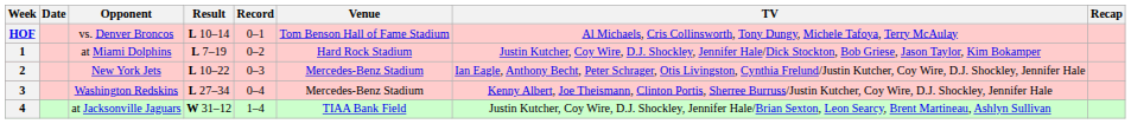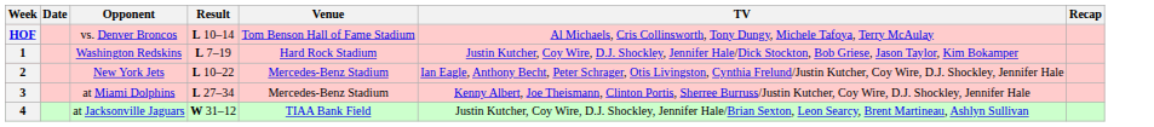 <table class="wikitable" style="text-align:center">
 <tr>
 <th>Week</th>
 <th>Date</th>
 <th>Opponent</th>
 <th>Result</th>
-<th>Record</th>
 <th>Venue</th>
 <th>TV</th>
 <th>Recap</th>
 </tr>
 <tr style="background:#fcc">
 <th><a href='#'>HOF</a></th>
 <td></td>
 <td>vs. <a href='#'>Denver Broncos</a></td>
 <td><strong>L</strong> 10–14</td>
-<td>0–1</td>
 <td><a href='#'>Tom Benson Hall of Fame Stadium</a></td>
 <td><a href='#'>Al Michaels</a>, <a href='#'>Cris Collinsworth</a>, <a href='#'>Tony Dungy</a>, <a href='#'>Michele Tafoya</a>, <a href='#'>Terry McAulay</a></td>
 <td></td>
 </tr>
 <tr style="background:#fcc">
 <th>1</th>
 <td></td>
-<td>at <a href='#'>Miami Dolphins</a></td>
+<td><a href='#'>Washington Redskins</a></td>
 <td><strong>L</strong> 7–19</td>
-<td>0–2</td>
 <td><a href='#'>Hard Rock Stadium</a></td>
 <td><a href='#'>Justin Kutcher</a>, <a href='#'>Coy Wire</a>, <a href='#'>D.J. Shockley</a>, <a href='#'>Jennifer Hale</a>/<a href='#'>Dick Stockton</a>, <a href='#'>Bob Griese</a>, <a href='#'>Jason Taylor</a>, <a href='#'>Kim Bokamper</a></td>
 <td></td>
 </tr>
 <tr style="background:#fcc">
 <th>2</th>
 <td></td>
 <td><a href='#'>New York Jets</a></td>
 <td><strong>L</strong> 10–22</td>
-<td>0–3</td>
 <td><a href='#'>Mercedes-Benz Stadium</a></td>
 <td><a href='#'>Ian Eagle</a>, <a href='#'>Anthony Becht</a>, <a href='#'>Peter Schrager</a>, <a href='#'>Otis Livingston</a>, <a href='#'>Cynthia Frelund</a>/Justin Kutcher, Coy Wire, D.J. Shockley, Jennifer Hale</td>
 <td></td>
 </tr>
 <tr style="background:#fcc">
 <th>3</th>
 <td></td>
-<td><a href='#'>Washington Redskins</a></td>
+<td>at <a href='#'>Miami Dolphins</a></td>
 <td><strong>L</strong> 27–34</td>
-<td>0–4</td>
 <td>Mercedes-Benz Stadium</td>
 <td><a href='#'>Kenny Albert</a>, <a href='#'>Joe Theismann</a>, <a href='#'>Clinton Portis</a>, <a href='#'>Sherree Burruss</a>/Justin Kutcher, Coy Wire, D.J. Shockley, Jennifer Hale</td>
 <td></td>
 </tr>
 <tr style="background:#cfc">
 <th>4</th>
 <td></td>
 <td>at <a href='#'>Jacksonville Jaguars</a></td>
 <td><strong>W</strong> 31–12</td>
-<td>1–4</td>
 <td><a href='#'>TIAA Bank Field</a></td>
 <td>Justin Kutcher, Coy Wire, D.J. Shockley, Jennifer Hale/<a href='#'>Brian Sexton</a>, <a href='#'>Leon Searcy</a>, <a href='#'>Brent Martineau</a>, <a href='#'>Ashlyn Sullivan</a></td>
 <td></td>
 </tr>
 </table>
